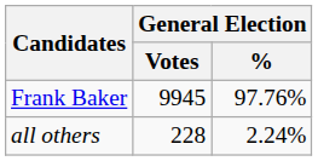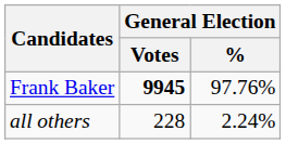 <table class=wikitable>
 <tr>
 <th colspan=1 rowspan=2><strong>Candidates</strong></th>
 <th colspan=2><strong>General Election</strong></th>
 </tr>
 <tr>
 <th>Votes</th>
 <th>%</th>
 </tr>
 <tr>
 <td><a href='#'>Frank Baker</a></td>
-<td align="right">9945</td>
+<td align="right"><strong>9945</strong></td>
 <td align="right">97.76%</td>
 </tr>
 <tr>
 <td><em>all others</em></td>
 <td align="right">228</td>
 <td align="right">2.24%</td>
 </tr>
 </table>
